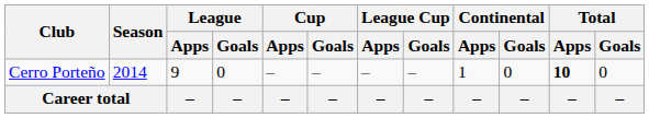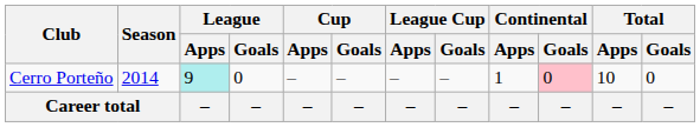 <table class="wikitable" text-align:center;">
 <tr>
 <th rowspan="2">Club</th>
 <th rowspan="2">Season</th>
 <th colspan="2">League</th>
 <th colspan="2">Cup</th>
 <th colspan="2">League Cup</th>
 <th colspan="2">Continental</th>
 <th colspan="2">Total</th>
 </tr>
 <tr>
 <th>Apps</th>
 <th>Goals</th>
 <th>Apps</th>
 <th>Goals</th>
 <th>Apps</th>
 <th>Goals</th>
 <th>Apps</th>
 <th>Goals</th>
 <th>Apps</th>
 <th>Goals</th>
 </tr>
 <tr>
 <td><a href='#'>Cerro Porteño</a></td>
 <td><a href='#'>2014</a></td>
-<td>9</td>
+<td style="background: paleturquoise;">9</td>
 <td>0</td>
 <td>–</td>
 <td>–</td>
 <td>–</td>
 <td>–</td>
 <td>1</td>
-<td>0</td>
-<td><strong>10</strong></td>
+<td style="background: pink;">0</td>
+<td>10</td>
 <td>0</td>
 </tr>
 <tr>
 <th colspan="2">Career total</th>
 <th>–</th>
 <th>–</th>
 <th>–</th>
 <th>–</th>
 <th>–</th>
 <th>–</th>
 <th>–</th>
 <th>–</th>
 <th>–</th>
 <th>–</th>
 </tr>
 </table>
